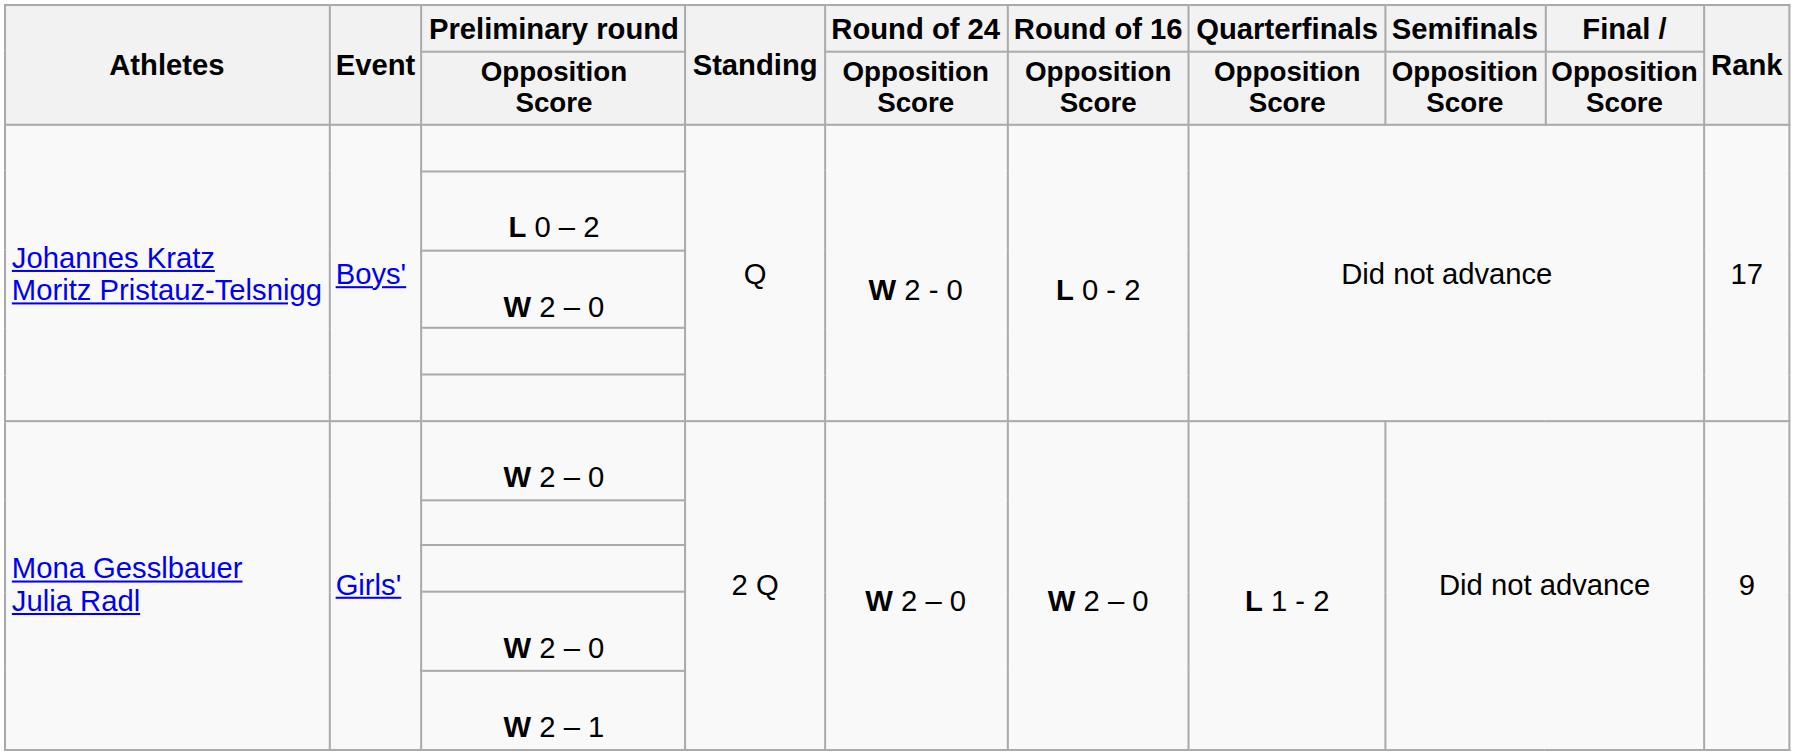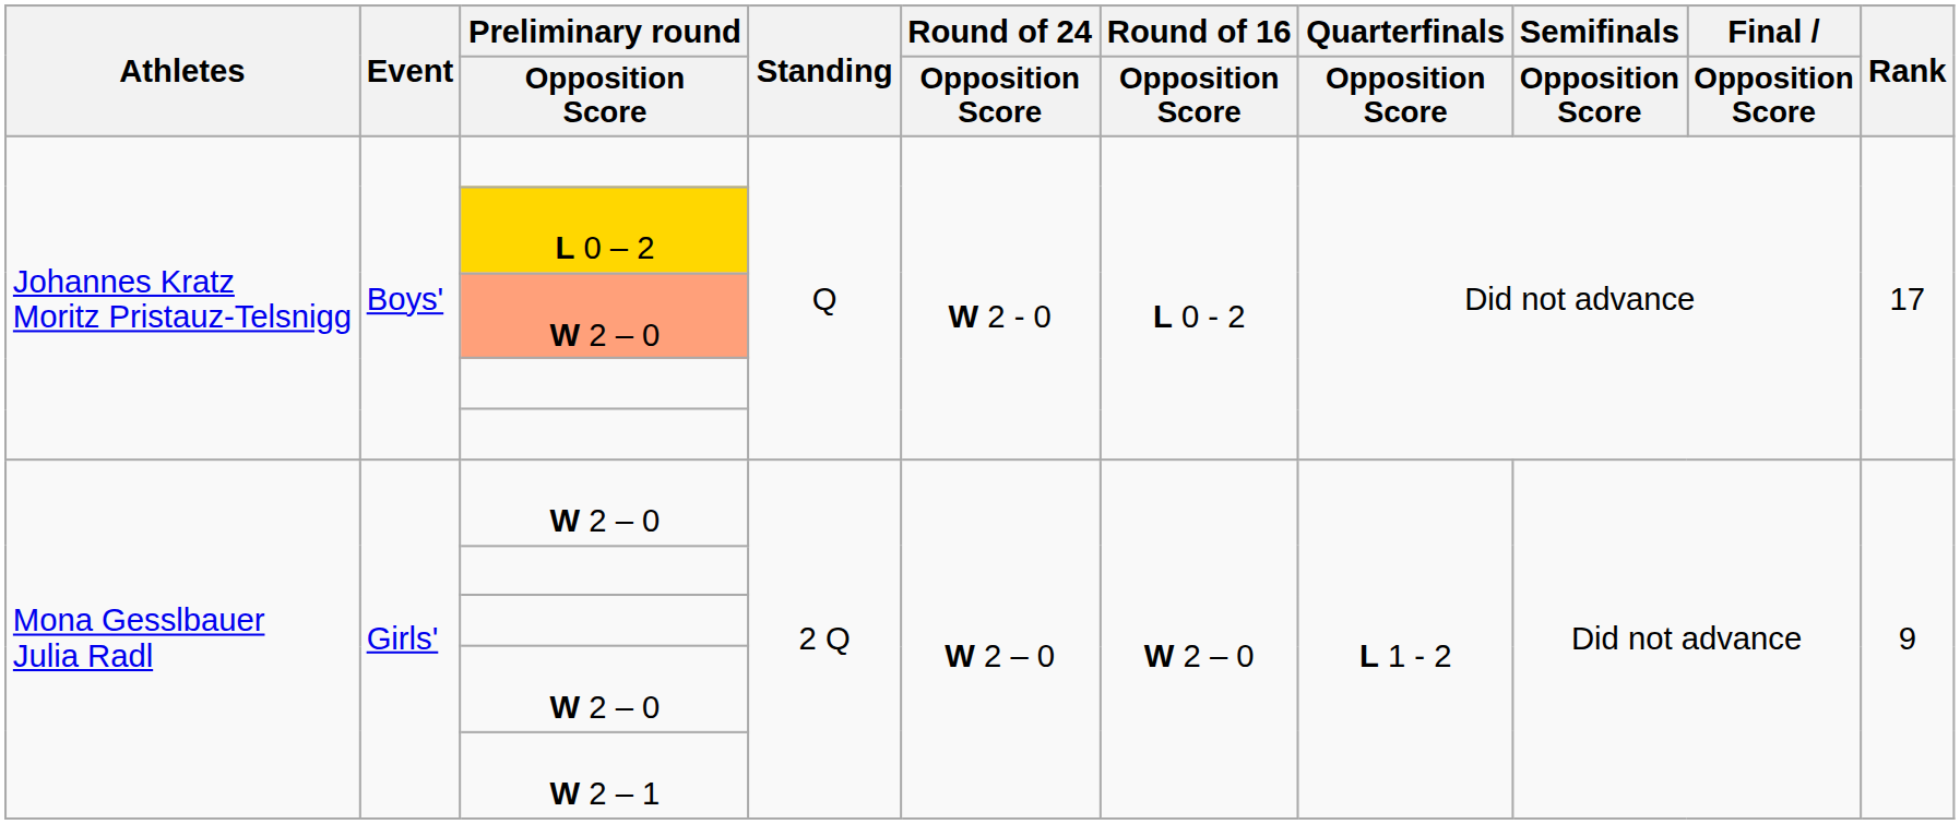 <table class=wikitable style="font-size:90%">
 <tr>
 <th rowspan="2">Athletes</th>
 <th rowspan="2">Event</th>
 <th>Preliminary round</th>
 <th rowspan="2">Standing</th>
 <th>Round of 24</th>
 <th>Round of 16</th>
 <th>Quarterfinals</th>
 <th>Semifinals</th>
 <th>Final / </th>
 <th rowspan=2>Rank</th>
 </tr>
 <tr style="font-size:95%">
 <th>Opposition<br>Score</th>
 <th>Opposition<br>Score</th>
 <th>Opposition<br>Score</th>
 <th>Opposition<br>Score</th>
 <th>Opposition<br>Score</th>
 <th>Opposition<br>Score</th>
 </tr>
 <tr align=center>
 <td align=left rowspan=5><a href='#'>Johannes Kratz</a><br><a href='#'>Moritz Pristauz-Telsnigg</a></td>
 <td align=left rowspan=5><a href='#'>Boys'</a></td>
 <td><br></td>
 <td rowspan=5>Q</td>
 <td rowspan=5><br><strong>W</strong> 2 - 0</td>
 <td rowspan=5><br><strong>L</strong> 0 - 2</td>
 <td rowspan=5 colspan=3>Did not advance</td>
 <td rowspan=5>17</td>
 </tr>
 <tr align=center>
-<td><br><strong>L</strong> 0 – 2</td>
+<td style="background: gold;"><br><strong>L</strong> 0 – 2</td>
 </tr>
 <tr align=center>
-<td><br><strong>W</strong> 2 – 0</td>
+<td style="background: lightsalmon;"><br><strong>W</strong> 2 – 0</td>
 </tr>
 <tr align=center>
 <td><br></td>
 </tr>
 <tr align=center>
 <td><br></td>
 </tr>
 <tr align=center>
 <td align=left rowspan=5><a href='#'>Mona Gesslbauer</a><br><a href='#'>Julia Radl</a></td>
 <td align=left rowspan=5><a href='#'>Girls'</a></td>
 <td><br><strong>W</strong> 2 – 0</td>
 <td rowspan=5>2 Q</td>
 <td rowspan=5><br><strong>W</strong> 2 – 0</td>
 <td rowspan=5><br><strong>W</strong> 2 – 0</td>
 <td rowspan=5><br><strong>L</strong> 1 - 2</td>
 <td rowspan=5 colspan=2>Did not advance</td>
 <td rowspan=5>9</td>
 </tr>
 <tr align=center>
 <td><br></td>
 </tr>
 <tr align=center>
 <td><br></td>
 </tr>
 <tr align=center>
 <td><br><strong>W</strong> 2 – 0</td>
 </tr>
 <tr align=center>
 <td><br><strong>W</strong> 2 – 1</td>
 </tr>
 </table>
